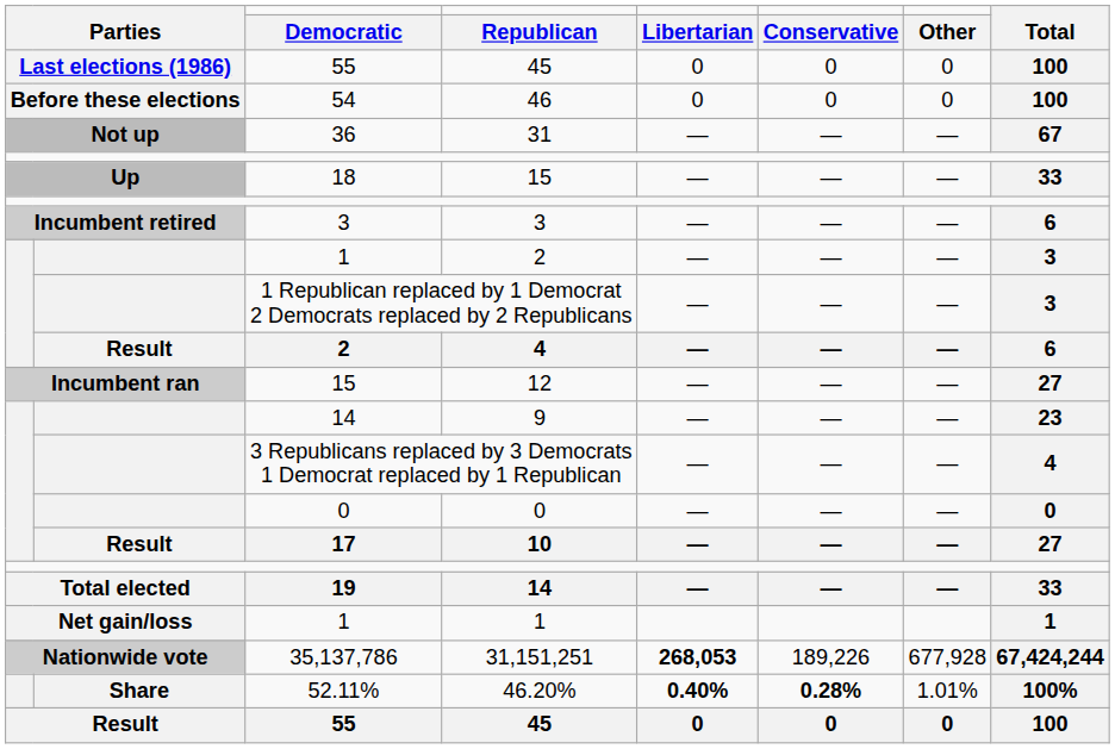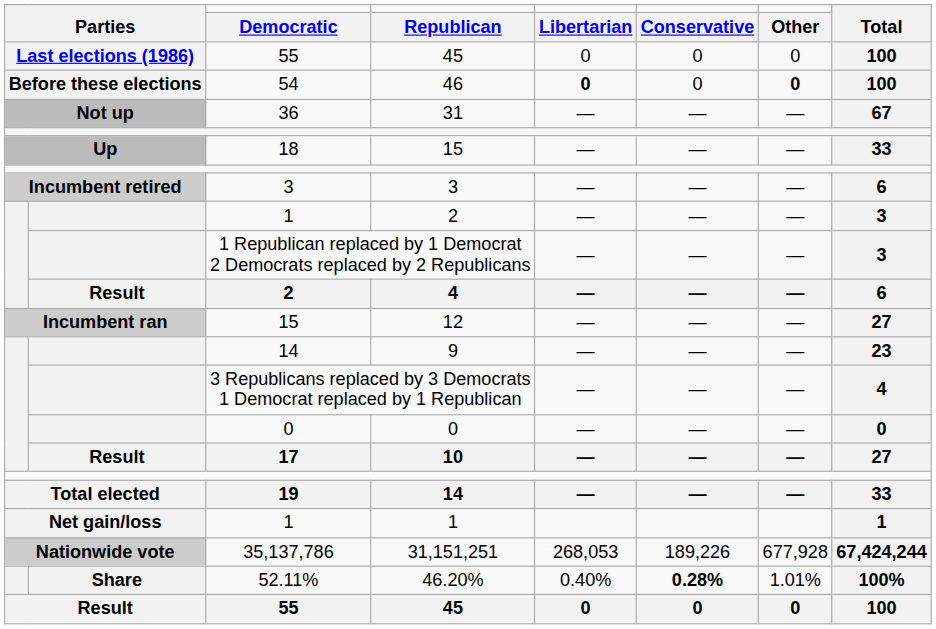 <table class=wikitable style=text-align:center>
 <tr valign=bottom>
 <th rowspan=2 colspan=2>Parties</th>
 <td style="background-color:"></td>
 <td style="background-color:"></td>
 <td style="background-color:"></td>
 <td style="background-color:"></td>
 <td style="background-color:"></td>
 <th rowspan=2>Total</th>
 </tr>
 <tr valign=bottom>
 <th><a href='#'>Democratic</a></th>
 <th><a href='#'>Republican</a></th>
 <th><a href='#'>Libertarian</a></th>
 <th><a href='#'>Conservative</a></th>
 <th>Other</th>
 </tr>
 <tr>
 <th colspan=2><a href='#'>Last elections (1986)</a></th>
 <td>55</td>
 <td>45</td>
 <td>0</td>
 <td>0</td>
 <td>0</td>
 <th>100</th>
 </tr>
 <tr>
 <th colspan=2 class=small>Before these elections</th>
 <td>54</td>
 <td>46</td>
+<td><strong>0</strong></td>
 <td>0</td>
-<td>0</td>
-<td>0</td>
+<td><strong>0</strong></td>
 <th>100</th>
 </tr>
 <tr>
 <th colspan=2 style="background:#bbb">Not up</th>
 <td>36</td>
 <td>31</td>
 <td>—</td>
 <td>—</td>
 <td>—</td>
 <th>67</th>
 </tr>
 <tr>
 <td colspan=100></td>
 </tr>
 <tr>
 <th colspan=2 style="background:#bbb">Up<br></th>
 <td>18</td>
 <td>15</td>
 <td>—</td>
 <td>—</td>
 <td>—</td>
 <th>33</th>
 </tr>
 <tr>
 <td colspan=100></td>
 </tr>
 <tr>
 <th colspan=2 style="background:#ccc">Incumbent retired</th>
 <td>3</td>
 <td>3</td>
 <td>—</td>
 <td>—</td>
 <td>—</td>
 <th>6</th>
 </tr>
 <tr>
 <th rowspan=3></th>
 <th></th>
 <td>1</td>
 <td>2</td>
 <td>—</td>
 <td>—</td>
 <td>—</td>
 <th>3</th>
 </tr>
 <tr>
 <th></th>
 <td colspan=2 >1 Republican replaced by 1 Democrat<br>2 Democrats replaced by 2 Republicans</td>
 <td>—</td>
 <td>—</td>
 <td>—</td>
 <th>3</th>
 </tr>
 <tr>
 <th>Result</th>
 <th>2</th>
 <th>4</th>
 <th>—</th>
 <th>—</th>
 <th>—</th>
 <th>6</th>
 </tr>
 <tr>
 <th colspan=2 style="background:#ccc">Incumbent ran</th>
 <td>15</td>
 <td>12</td>
 <td>—</td>
 <td>—</td>
 <td>—</td>
 <th>27</th>
 </tr>
 <tr>
 <th rowspan=4></th>
 <th></th>
 <td>14</td>
 <td>9</td>
 <td>—</td>
 <td>—</td>
 <td>—</td>
 <th>23</th>
 </tr>
 <tr>
 <th></th>
 <td colspan=2 >3 Republicans replaced by 3 Democrats<br>1 Democrat replaced by 1 Republican</td>
 <td>—</td>
 <td>—</td>
 <td>—</td>
 <th>4</th>
 </tr>
 <tr>
 <th></th>
 <td>0</td>
 <td>0</td>
 <td>—</td>
 <td>—</td>
 <td>—</td>
 <th>0</th>
 </tr>
 <tr>
 <th>Result</th>
 <th>17</th>
 <th>10</th>
 <th>—</th>
 <th>—</th>
 <th>—</th>
 <th>27</th>
 </tr>
 <tr>
 <td colspan=100></td>
 </tr>
 <tr>
 <th colspan=2>Total elected</th>
 <th>19</th>
 <th>14</th>
 <th>—</th>
 <th>—</th>
 <th>—</th>
 <th>33</th>
 </tr>
 <tr>
 <th colspan=2>Net gain/loss</th>
 <td>1</td>
 <td>1</td>
 <td></td>
 <td></td>
 <td></td>
 <th>1</th>
 </tr>
 <tr>
 <th colspan=2 style="background:#ccc">Nationwide vote</th>
 <td>35,137,786</td>
 <td>31,151,251</td>
-<td><strong>268,053</strong></td>
+<td>268,053</td>
 <td>189,226</td>
 <td>677,928</td>
 <th>67,424,244</th>
 </tr>
 <tr>
 <th></th>
 <th>Share</th>
 <td>52.11%</td>
 <td>46.20%</td>
-<td><strong>0.40%</strong></td>
+<td>0.40%</td>
 <td><strong>0.28%</strong></td>
 <td>1.01%</td>
 <th>100%</th>
 </tr>
 <tr>
 <th colspan=2>Result</th>
 <th>55</th>
 <th>45</th>
 <th>0</th>
 <th>0</th>
 <th>0</th>
 <th>100</th>
 </tr>
 </table>
